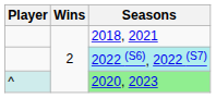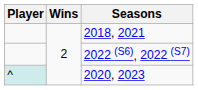 <table class="wikitable sortable">
 <tr>
 <th>Player</th>
 <th>Wins</th>
 <th class="unsortable">Seasons</th>
 </tr>
 <tr>
 <td style="text-align:left"></td>
 <td style="text-align:center;" rowspan="3">2</td>
 <td><a href='#'>2018</a>, <a href='#'>2021</a></td>
 </tr>
 <tr>
 <td style="text-align:left"></td>
-<td style="background: paleturquoise;"><a href='#'>2022 <sup>(S6)</sup></a>, <a href='#'>2022 <sup>(S7)</sup></a></td>
+<td><a href='#'>2022 <sup>(S6)</sup></a>, <a href='#'>2022 <sup>(S7)</sup></a></td>
 </tr>
 <tr>
 <td style="text-align:left; background:#cfecec;">^</td>
-<td style="background: lightgreen;"><a href='#'>2020</a>, <a href='#'>2023</a></td>
+<td><a href='#'>2020</a>, <a href='#'>2023</a></td>
 </tr>
 </table>
